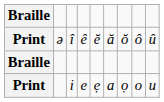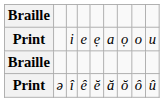 <table class="wikitable">
+<tr>
+<th>Braille</th>
+<td></td>
+<td></td>
+<td></td>
+<td></td>
+<td></td>
+<td></td>
+<td></td>
+<td></td>
+</tr>
+<tr>
+<th>Print</th>
+<td></td>
+<td> <em>i</em></td>
+<td> <em>e</em></td>
+<td> <em>ẹ</em></td>
+<td> <em>a</em></td>
+<td> <em>ọ</em></td>
+<td> <em>o</em></td>
+<td> <em>u</em></td>
+</tr>
 <tr>
 <th>Braille</th>
 <td></td>
 <td></td>
 <td></td>
 <td></td>
 <td></td>
 <td></td>
 <td></td>
 <td></td>
 </tr>
 <tr>
 <th>Print</th>
 <td> <em>ə</em></td>
 <td> <em>î</em></td>
 <td> <em>ê</em></td>
 <td> <em>ĕ</em></td>
 <td> <em>ă</em></td>
 <td> <em>ŏ</em></td>
 <td> <em>ô</em></td>
 <td> <em>û</em></td>
 </tr>
-<tr>
-<th>Braille</th>
-<td></td>
-<td></td>
-<td></td>
-<td></td>
-<td></td>
-<td></td>
-<td></td>
-<td></td>
-</tr>
-<tr>
-<th>Print</th>
-<td></td>
-<td> <em>i</em></td>
-<td> <em>e</em></td>
-<td> <em>ẹ</em></td>
-<td> <em>a</em></td>
-<td> <em>ọ</em></td>
-<td> <em>o</em></td>
-<td> <em>u</em></td>
-</tr>
 </table>
